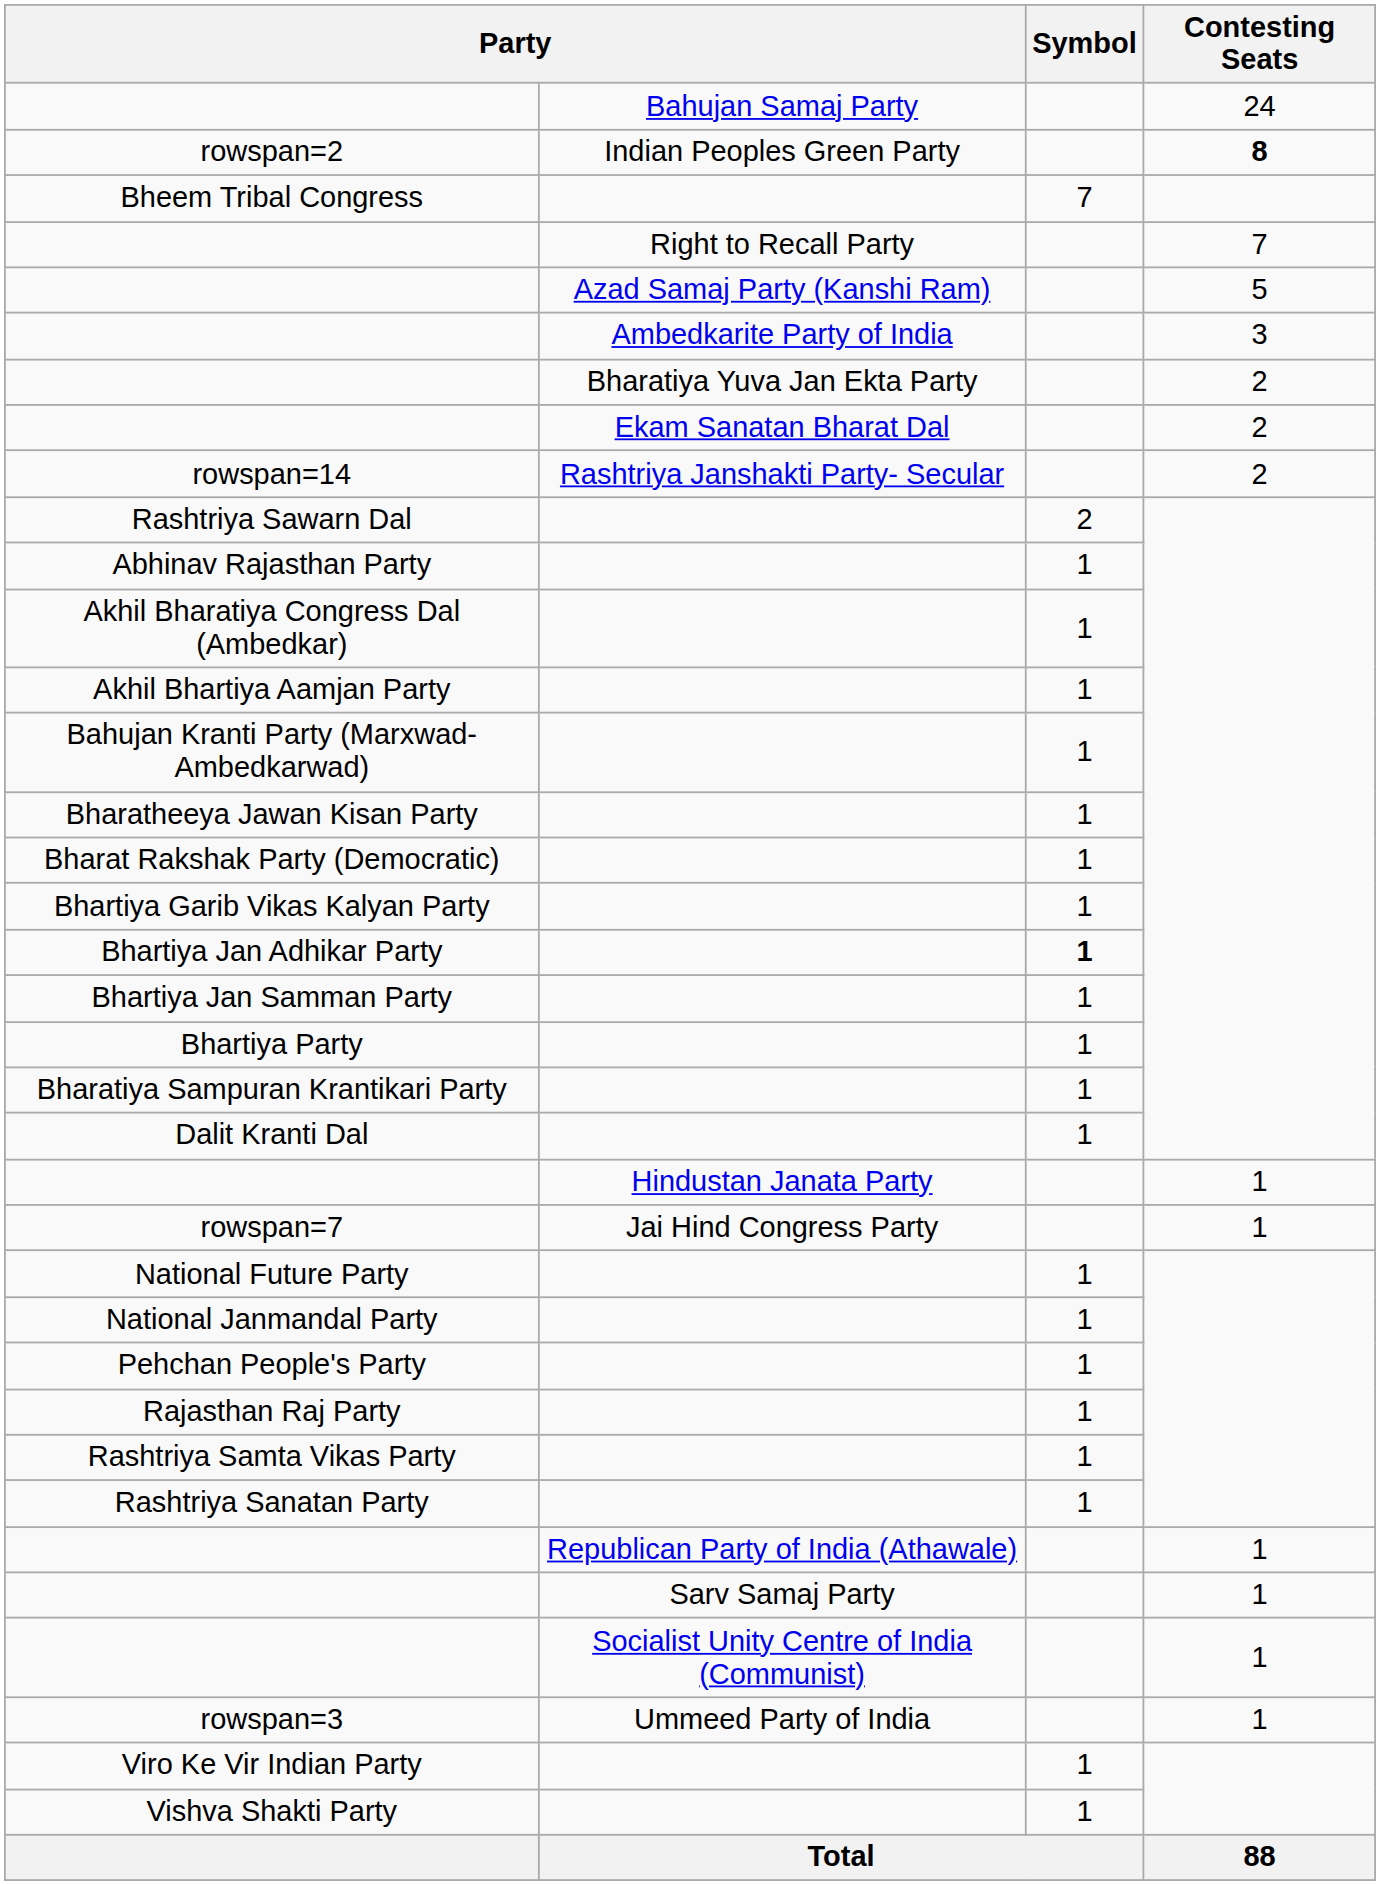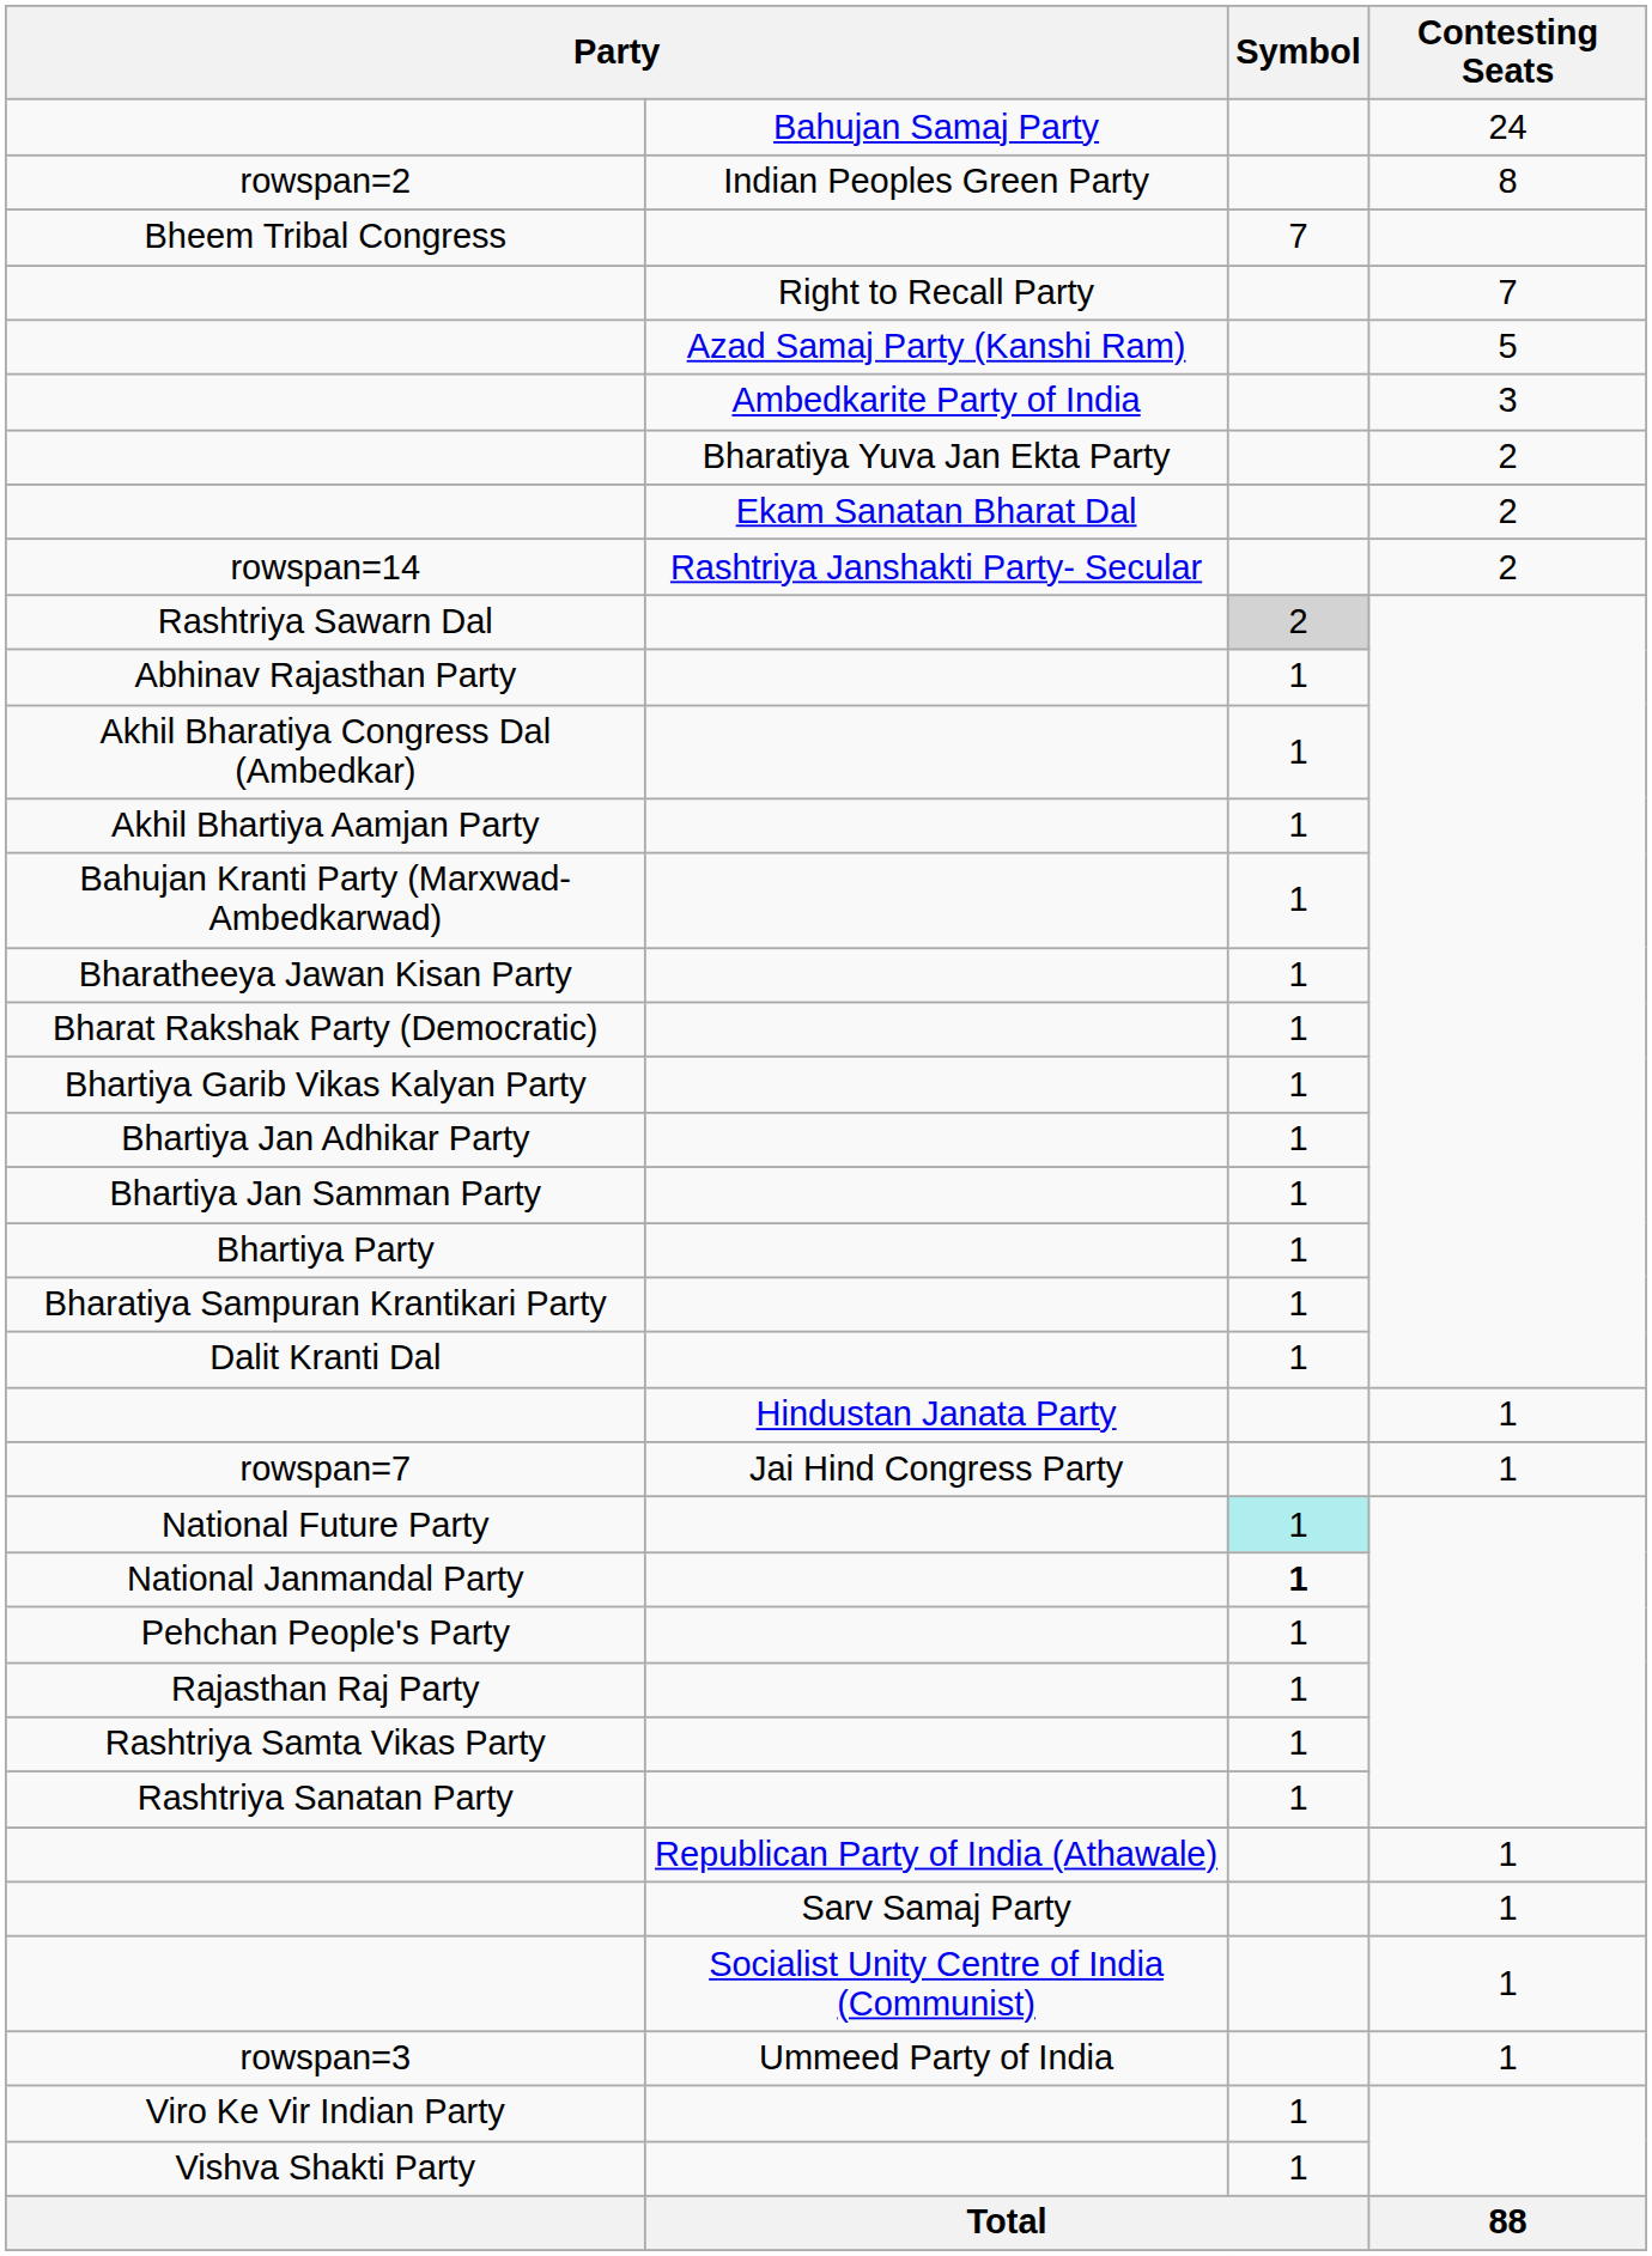 <table class="wikitable" style="text-align:center" width="60%" ;>
 <tr>
 <th colspan="2">Party</th>
 <th>Symbol</th>
 <th>Contesting Seats</th>
 </tr>
 <tr>
 <td></td>
 <td><a href='#'>Bahujan Samaj Party</a></td>
 <td></td>
 <td>24</td>
 </tr>
 <tr>
 <td>rowspan=2 </td>
 <td>Indian Peoples Green Party</td>
 <td></td>
-<td><strong>8</strong></td>
+<td>8</td>
 </tr>
 <tr>
 <td>Bheem Tribal Congress</td>
 <td></td>
 <td>7</td>
 </tr>
 <tr>
 <td></td>
 <td>Right to Recall Party</td>
 <td></td>
 <td>7</td>
 </tr>
 <tr>
 <td></td>
 <td><a href='#'>Azad Samaj Party (Kanshi Ram)</a></td>
 <td></td>
 <td>5</td>
 </tr>
 <tr>
 <td></td>
 <td><a href='#'>Ambedkarite Party of India</a></td>
 <td></td>
 <td>3</td>
 </tr>
 <tr>
 <td></td>
 <td>Bharatiya Yuva Jan Ekta Party</td>
 <td></td>
 <td>2</td>
 </tr>
 <tr>
 <td></td>
 <td><a href='#'>Ekam Sanatan Bharat Dal</a></td>
 <td></td>
 <td>2</td>
 </tr>
 <tr>
 <td>rowspan=14 </td>
 <td><a href='#'>Rashtriya Janshakti Party- Secular</a></td>
 <td></td>
 <td>2</td>
 </tr>
 <tr>
 <td>Rashtriya Sawarn Dal</td>
 <td></td>
-<td>2</td>
+<td style="background: lightgrey;">2</td>
 </tr>
 <tr>
 <td>Abhinav Rajasthan Party</td>
 <td></td>
 <td>1</td>
 </tr>
 <tr>
 <td>Akhil Bharatiya Congress Dal (Ambedkar)</td>
 <td></td>
 <td>1</td>
 </tr>
 <tr>
 <td>Akhil Bhartiya Aamjan Party</td>
 <td></td>
 <td>1</td>
 </tr>
 <tr>
 <td>Bahujan Kranti Party (Marxwad-Ambedkarwad)</td>
 <td></td>
 <td>1</td>
 </tr>
 <tr>
 <td>Bharatheeya Jawan Kisan Party</td>
 <td></td>
 <td>1</td>
 </tr>
 <tr>
 <td>Bharat Rakshak Party (Democratic)</td>
 <td></td>
 <td>1</td>
 </tr>
 <tr>
 <td>Bhartiya Garib Vikas Kalyan Party</td>
 <td></td>
 <td>1</td>
 </tr>
 <tr>
 <td>Bhartiya Jan Adhikar Party</td>
 <td></td>
-<td><strong>1</strong></td>
+<td>1</td>
 </tr>
 <tr>
 <td>Bhartiya Jan Samman Party</td>
 <td></td>
 <td>1</td>
 </tr>
 <tr>
 <td>Bhartiya Party</td>
 <td></td>
 <td>1</td>
 </tr>
 <tr>
 <td>Bharatiya Sampuran Krantikari Party</td>
 <td></td>
 <td>1</td>
 </tr>
 <tr>
 <td>Dalit Kranti Dal</td>
 <td></td>
 <td>1</td>
 </tr>
 <tr>
 <td></td>
 <td><a href='#'>Hindustan Janata Party</a></td>
 <td></td>
 <td>1</td>
 </tr>
 <tr>
 <td>rowspan=7 </td>
 <td>Jai Hind Congress Party</td>
 <td></td>
 <td>1</td>
 </tr>
 <tr>
 <td>National Future Party</td>
 <td></td>
-<td>1</td>
+<td style="background: paleturquoise;">1</td>
 </tr>
 <tr>
 <td>National Janmandal Party</td>
 <td></td>
-<td>1</td>
+<td><strong>1</strong></td>
 </tr>
 <tr>
 <td>Pehchan People's Party</td>
 <td></td>
 <td>1</td>
 </tr>
 <tr>
 <td>Rajasthan Raj Party</td>
 <td></td>
 <td>1</td>
 </tr>
 <tr>
 <td>Rashtriya Samta Vikas Party</td>
 <td></td>
 <td>1</td>
 </tr>
 <tr>
 <td>Rashtriya Sanatan Party</td>
 <td></td>
 <td>1</td>
 </tr>
 <tr>
 <td></td>
 <td><a href='#'>Republican Party of India (Athawale)</a></td>
 <td></td>
 <td>1</td>
 </tr>
 <tr>
 <td></td>
 <td>Sarv Samaj Party</td>
 <td></td>
 <td>1</td>
 </tr>
 <tr>
 <td></td>
 <td><a href='#'>Socialist Unity Centre of India (Communist)</a></td>
 <td></td>
 <td>1</td>
 </tr>
 <tr>
 <td>rowspan=3 </td>
 <td>Ummeed Party of India</td>
 <td></td>
 <td>1</td>
 </tr>
 <tr>
 <td>Viro Ke Vir Indian Party</td>
 <td></td>
 <td>1</td>
 </tr>
 <tr>
 <td>Vishva Shakti Party</td>
 <td></td>
 <td>1</td>
 </tr>
 <tr>
 <th></th>
 <th colspan=2>Total</th>
 <th>88</th>
 </tr>
 </table>
